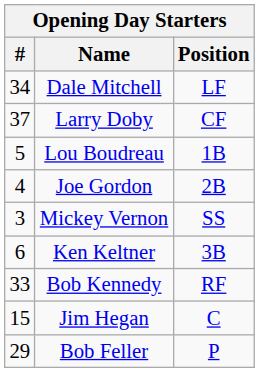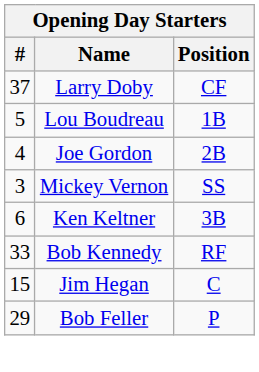 <table class="wikitable" style="text-align:center">
 <tr>
 <th colspan="3">Opening Day Starters</th>
 </tr>
 <tr>
 <th>#</th>
 <th>Name</th>
 <th>Position</th>
-</tr>
-<tr>
-<td>34</td>
-<td><a href='#'>Dale Mitchell</a></td>
-<td><a href='#'>LF</a></td>
 </tr>
 <tr>
 <td>37</td>
 <td><a href='#'>Larry Doby</a></td>
 <td><a href='#'>CF</a></td>
 </tr>
 <tr>
 <td>5</td>
 <td><a href='#'>Lou Boudreau</a></td>
 <td><a href='#'>1B</a></td>
 </tr>
 <tr>
 <td>4</td>
 <td><a href='#'>Joe Gordon</a></td>
 <td><a href='#'>2B</a></td>
 </tr>
 <tr>
 <td>3</td>
 <td><a href='#'>Mickey Vernon</a></td>
 <td><a href='#'>SS</a></td>
 </tr>
 <tr>
 <td>6</td>
 <td><a href='#'>Ken Keltner</a></td>
 <td><a href='#'>3B</a></td>
 </tr>
 <tr>
 <td>33</td>
 <td><a href='#'>Bob Kennedy</a></td>
 <td><a href='#'>RF</a></td>
 </tr>
 <tr>
 <td>15</td>
 <td><a href='#'>Jim Hegan</a></td>
 <td><a href='#'>C</a></td>
 </tr>
 <tr>
 <td>29</td>
 <td><a href='#'>Bob Feller</a></td>
 <td><a href='#'>P</a></td>
 </tr>
 </table>
